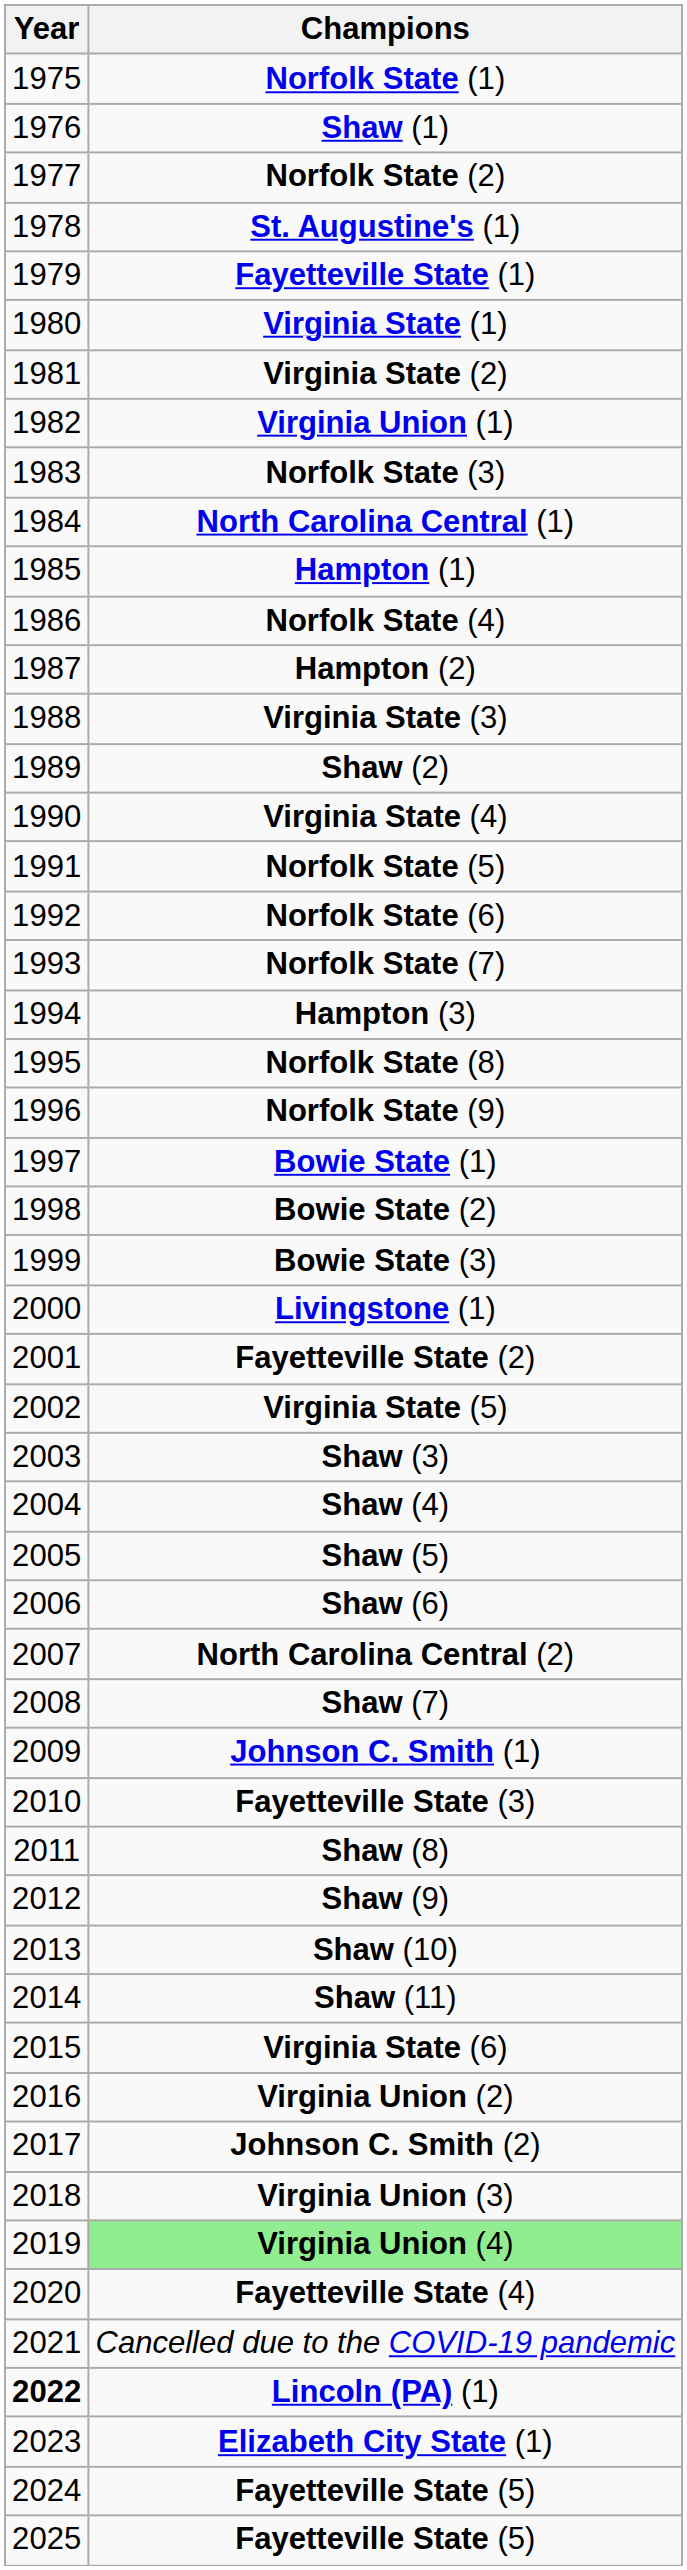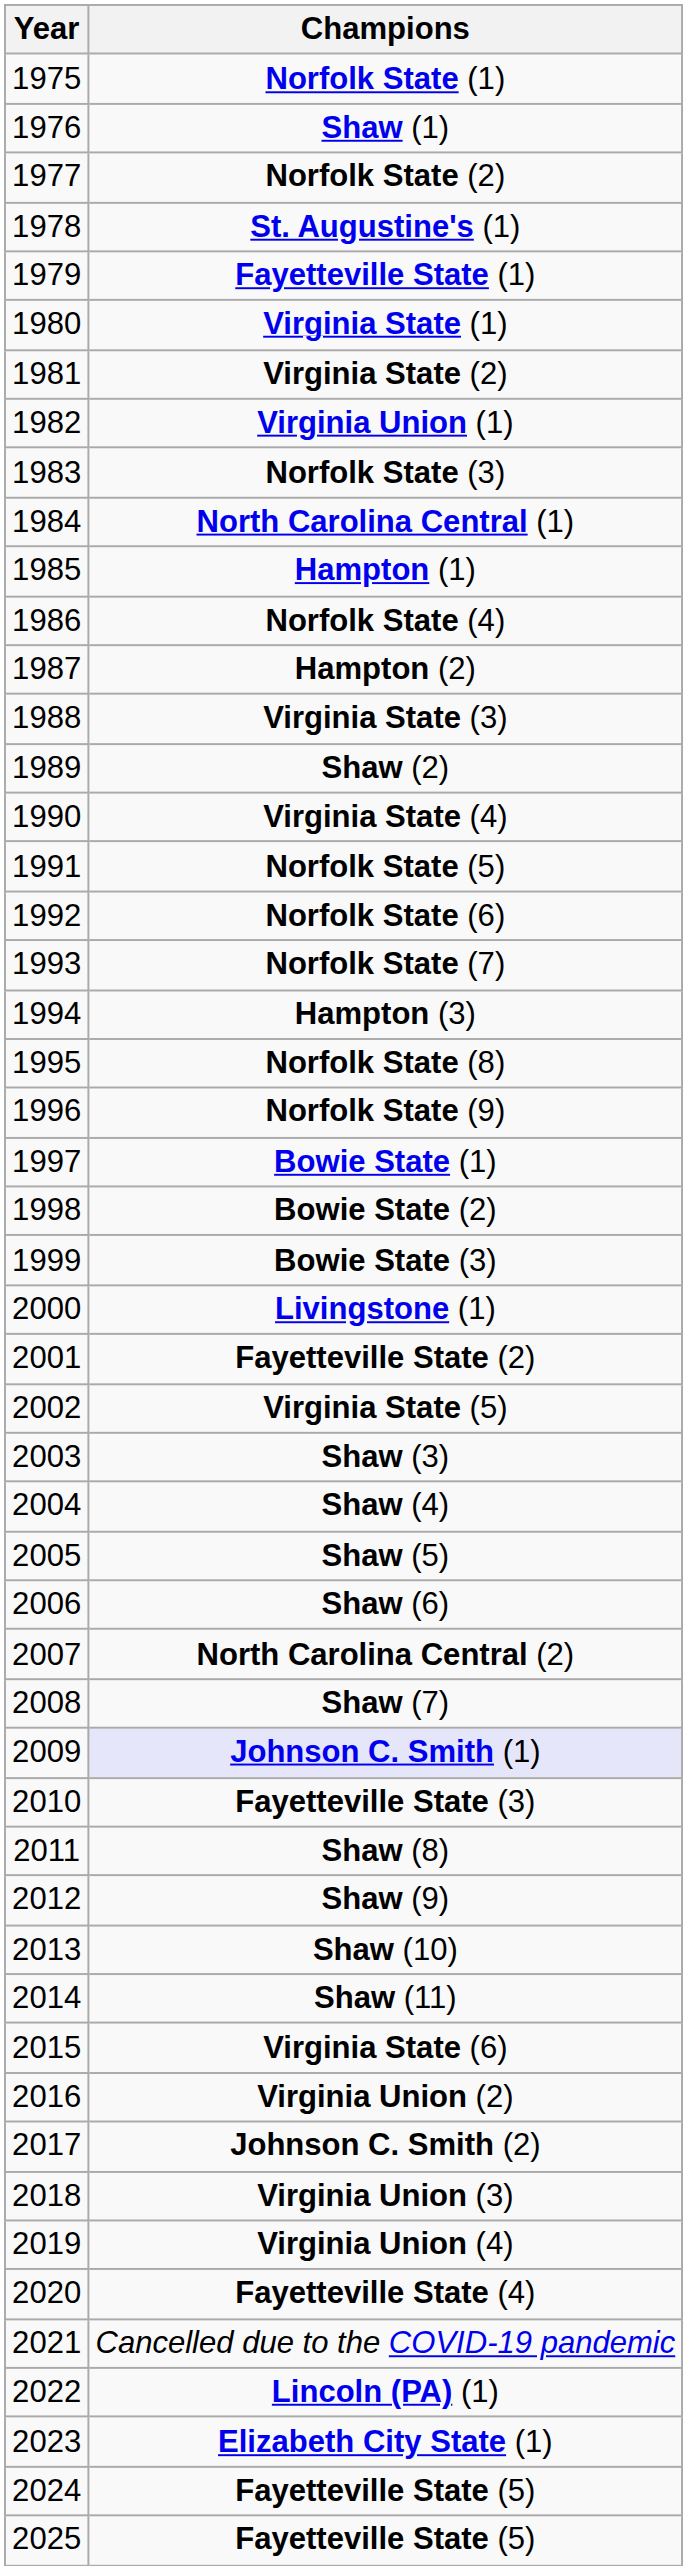 <table class="wikitable sortable">
 <tr>
 <th>Year</th>
 <th>Champions</th>
 </tr>
 <tr align=center>
 <td>1975</td>
 <td><strong><a href='#'>Norfolk State</a></strong> (1)</td>
 </tr>
 <tr align=center>
 <td>1976</td>
 <td><strong><a href='#'>Shaw</a></strong> (1)</td>
 </tr>
 <tr align=center>
 <td>1977</td>
 <td><strong>Norfolk State</strong> (2)</td>
 </tr>
 <tr align=center>
 <td>1978</td>
 <td><strong><a href='#'>St. Augustine's</a></strong> (1)</td>
 </tr>
 <tr align=center>
 <td>1979</td>
 <td><strong><a href='#'>Fayetteville State</a></strong> (1)</td>
 </tr>
 <tr align=center>
 <td>1980</td>
 <td><strong><a href='#'>Virginia State</a></strong> (1)</td>
 </tr>
 <tr align=center>
 <td>1981</td>
 <td><strong>Virginia State</strong> (2)</td>
 </tr>
 <tr align=center>
 <td>1982</td>
 <td><strong><a href='#'>Virginia Union</a></strong> (1)</td>
 </tr>
 <tr align=center>
 <td>1983</td>
 <td><strong>Norfolk State</strong> (3)</td>
 </tr>
 <tr align=center>
 <td>1984</td>
 <td><strong><a href='#'>North Carolina Central</a></strong> (1)</td>
 </tr>
 <tr align=center>
 <td>1985</td>
 <td><strong><a href='#'>Hampton</a></strong> (1)</td>
 </tr>
 <tr align=center>
 <td>1986</td>
 <td><strong>Norfolk State</strong> (4)</td>
 </tr>
 <tr align=center>
 <td>1987</td>
 <td><strong>Hampton</strong> (2)</td>
 </tr>
 <tr align=center>
 <td>1988</td>
 <td><strong>Virginia State</strong> (3)</td>
 </tr>
 <tr align=center>
 <td>1989</td>
 <td><strong>Shaw</strong> (2)</td>
 </tr>
 <tr align=center>
 <td>1990</td>
 <td><strong>Virginia State</strong> (4)</td>
 </tr>
 <tr align=center>
 <td>1991</td>
 <td><strong>Norfolk State</strong> (5)</td>
 </tr>
 <tr align=center>
 <td>1992</td>
 <td><strong>Norfolk State</strong> (6)</td>
 </tr>
 <tr align=center>
 <td>1993</td>
 <td><strong>Norfolk State</strong> (7)</td>
 </tr>
 <tr align=center>
 <td>1994</td>
 <td><strong>Hampton</strong> (3)</td>
 </tr>
 <tr align=center>
 <td>1995</td>
 <td><strong>Norfolk State</strong> (8)</td>
 </tr>
 <tr align=center>
 <td>1996</td>
 <td><strong>Norfolk State</strong> (9)</td>
 </tr>
 <tr align=center>
 <td>1997</td>
 <td><strong><a href='#'>Bowie State</a></strong> (1)</td>
 </tr>
 <tr align=center>
 <td>1998</td>
 <td><strong>Bowie State</strong> (2)</td>
 </tr>
 <tr align=center>
 <td>1999</td>
 <td><strong>Bowie State</strong> (3)</td>
 </tr>
 <tr align=center>
 <td>2000</td>
 <td><strong><a href='#'>Livingstone</a></strong> (1)</td>
 </tr>
 <tr align=center>
 <td>2001</td>
 <td><strong>Fayetteville State</strong> (2)</td>
 </tr>
 <tr align=center>
 <td>2002</td>
 <td><strong>Virginia State</strong> (5)</td>
 </tr>
 <tr align=center>
 <td>2003</td>
 <td><strong>Shaw</strong> (3)</td>
 </tr>
 <tr align=center>
 <td>2004</td>
 <td><strong>Shaw</strong> (4)</td>
 </tr>
 <tr align=center>
 <td>2005</td>
 <td><strong>Shaw</strong> (5)</td>
 </tr>
 <tr align=center>
 <td>2006</td>
 <td><strong>Shaw</strong> (6)</td>
 </tr>
 <tr align=center>
 <td>2007</td>
 <td><strong>North Carolina Central</strong> (2)</td>
 </tr>
 <tr align=center>
 <td>2008</td>
 <td><strong>Shaw</strong> (7)</td>
 </tr>
 <tr align=center>
 <td>2009</td>
-<td><strong><a href='#'>Johnson C. Smith</a></strong> (1)</td>
+<td style="background: lavender;"><strong><a href='#'>Johnson C. Smith</a></strong> (1)</td>
 </tr>
 <tr align=center>
 <td>2010</td>
 <td><strong>Fayetteville State</strong> (3)</td>
 </tr>
 <tr align=center>
 <td>2011</td>
 <td><strong>Shaw</strong> (8)</td>
 </tr>
 <tr align=center>
 <td>2012</td>
 <td><strong>Shaw</strong> (9)</td>
 </tr>
 <tr align=center>
 <td>2013</td>
 <td><strong>Shaw</strong> (10)</td>
 </tr>
 <tr align=center>
 <td>2014</td>
 <td><strong>Shaw</strong> (11)</td>
 </tr>
 <tr align=center>
 <td>2015</td>
 <td><strong>Virginia State</strong> (6)</td>
 </tr>
 <tr align=center>
 <td>2016</td>
 <td><strong>Virginia Union</strong> (2)</td>
 </tr>
 <tr align=center>
 <td>2017</td>
 <td><strong>Johnson C. Smith</strong> (2)</td>
 </tr>
 <tr align=center>
 <td>2018</td>
 <td><strong>Virginia Union</strong> (3)</td>
 </tr>
 <tr align=center>
 <td>2019</td>
-<td style="background: lightgreen;"><strong>Virginia Union</strong> (4)</td>
+<td><strong>Virginia Union</strong> (4)</td>
 </tr>
 <tr align=center>
 <td>2020</td>
 <td><strong>Fayetteville State</strong> (4)</td>
 </tr>
 <tr align=center>
 <td>2021</td>
 <td colspan=2><em>Cancelled due to the <a href='#'>COVID-19 pandemic</a></em></td>
 </tr>
 <tr align=center>
-<td><strong>2022</strong></td>
+<td>2022</td>
 <td><strong><a href='#'>Lincoln (PA)</a></strong> (1)</td>
 </tr>
 <tr align=center>
 <td>2023</td>
 <td><strong><a href='#'>Elizabeth City State</a></strong> (1)</td>
 </tr>
 <tr align=center>
 <td>2024</td>
 <td><strong>Fayetteville State</strong> (5)</td>
 </tr>
 <tr align=center>
 <td>2025</td>
 <td><strong>Fayetteville State</strong> (5)</td>
 </tr>
 </table>
